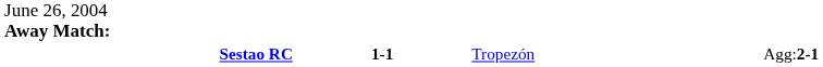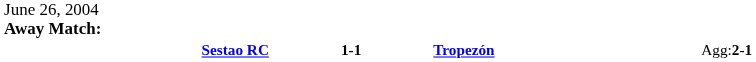 <table width=100% cellspacing=1>
 <tr>
 <th width=20%></th>
 <th width=12%></th>
 <th width=20%></th>
 <th></th>
 </tr>
 <tr>
 <td>June 26, 2004<br><strong>Away Match:</strong></td>
 </tr>
 <tr style=font-size:90%>
 <td align=right><strong><a href='#'>Sestao RC</a></strong></td>
 <td align=center><strong>1-1</strong></td>
-<td><a href='#'>Tropezón</a></td>
+<td><strong><a href='#'>Tropezón</a></strong></td>
 <td>Agg:<strong>2-1</strong></td>
 </tr>
 </table>
